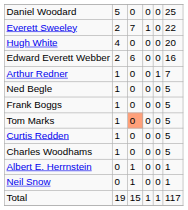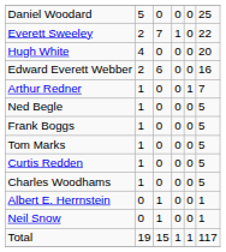 <table class="wikitable">
 <tr>
 </tr>
 <tr>
 <td>Daniel Woodard</td>
 <td>5</td>
 <td>0</td>
 <td>0</td>
 <td>0</td>
 <td>25</td>
 </tr>
 <tr>
 <td><a href='#'>Everett Sweeley</a></td>
 <td>2</td>
 <td>7</td>
 <td>1</td>
 <td>0</td>
 <td>22</td>
 </tr>
 <tr>
 <td><a href='#'>Hugh White</a></td>
 <td>4</td>
 <td>0</td>
 <td>0</td>
 <td>0</td>
 <td>20</td>
 </tr>
 <tr>
 <td>Edward Everett Webber</td>
 <td>2</td>
 <td>6</td>
 <td>0</td>
 <td>0</td>
 <td>16</td>
 </tr>
 <tr>
 <td><a href='#'>Arthur Redner</a></td>
 <td>1</td>
 <td>0</td>
 <td>0</td>
 <td>1</td>
 <td>7</td>
 </tr>
 <tr>
 <td>Ned Begle</td>
 <td>1</td>
 <td>0</td>
 <td>0</td>
 <td>0</td>
 <td>5</td>
 </tr>
 <tr>
 <td>Frank Boggs</td>
 <td>1</td>
 <td>0</td>
 <td>0</td>
 <td>0</td>
 <td>5</td>
 </tr>
 <tr>
 <td>Tom Marks</td>
 <td>1</td>
-<td style="background: lightsalmon;">0</td>
+<td>0</td>
 <td>0</td>
 <td>0</td>
 <td>5</td>
 </tr>
 <tr>
 <td><a href='#'>Curtis Redden</a></td>
 <td>1</td>
 <td>0</td>
 <td>0</td>
 <td>0</td>
 <td>5</td>
 </tr>
 <tr>
 <td>Charles Woodhams</td>
 <td>1</td>
 <td>0</td>
 <td>0</td>
 <td>0</td>
 <td>5</td>
 </tr>
 <tr>
 <td><a href='#'>Albert E. Herrnstein</a></td>
 <td>0</td>
 <td>1</td>
 <td>0</td>
 <td>0</td>
 <td>1</td>
 </tr>
 <tr>
 <td><a href='#'>Neil Snow</a></td>
 <td>0</td>
 <td>1</td>
 <td>0</td>
 <td>0</td>
 <td>1</td>
 </tr>
 <tr>
 <td>Total</td>
 <td>19</td>
 <td>15</td>
 <td>1</td>
 <td>1</td>
 <td>117</td>
 </tr>
 <tr>
 </tr>
 </table>
